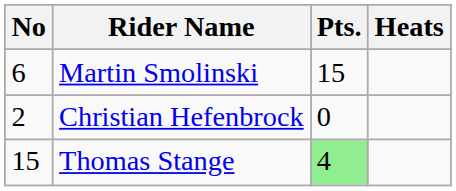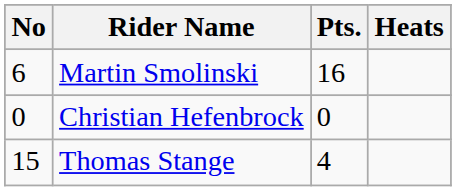 <table class="wikitable">
 <tr style="background-color:">
 <th>No</th>
 <th>Rider Name</th>
 <th>Pts.</th>
 <th>Heats</th>
 </tr>
 <tr>
 <td>6</td>
 <td><a href='#'>Martin Smolinski</a></td>
-<td>15</td>
+<td>16</td>
 <td></td>
 </tr>
 <tr>
-<td>2</td>
+<td>0</td>
 <td><a href='#'>Christian Hefenbrock</a></td>
 <td>0</td>
 <td></td>
 </tr>
 <tr>
 <td>15</td>
 <td><a href='#'>Thomas Stange</a></td>
-<td style="background: lightgreen;">4</td>
+<td>4</td>
 <td></td>
 </tr>
 </table>
